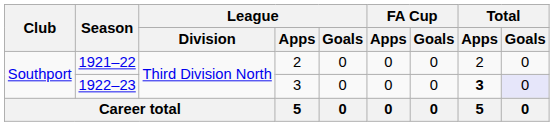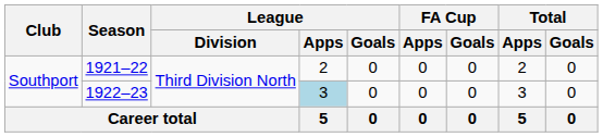 <table class="wikitable" style="text-align: center;">
 <tr>
 <th rowspan="2">Club</th>
 <th rowspan="2">Season</th>
 <th colspan="3">League</th>
 <th colspan="2">FA Cup</th>
 <th colspan="2">Total</th>
 </tr>
 <tr>
 <th>Division</th>
 <th>Apps</th>
 <th>Goals</th>
 <th>Apps</th>
 <th>Goals</th>
 <th>Apps</th>
 <th>Goals</th>
 </tr>
 <tr>
 <td rowspan="2"><a href='#'>Southport</a></td>
 <td><a href='#'>1921–22</a></td>
 <td rowspan="2"><a href='#'>Third Division North</a></td>
 <td>2</td>
 <td>0</td>
 <td>0</td>
 <td>0</td>
 <td>2</td>
 <td>0</td>
 </tr>
 <tr>
 <td><a href='#'>1922–23</a></td>
-<td>3</td>
+<td style="background: lightblue;">3</td>
 <td>0</td>
 <td>0</td>
 <td>0</td>
-<td><strong>3</strong></td>
-<td style="background: lavender;">0</td>
+<td>3</td>
+<td>0</td>
 </tr>
 <tr>
 <th colspan="3">Career total</th>
 <th>5</th>
 <th>0</th>
 <th>0</th>
 <th>0</th>
 <th>5</th>
 <th>0</th>
 </tr>
 </table>
